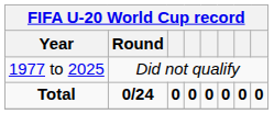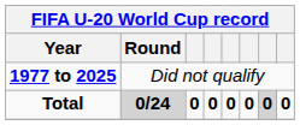 <table class="wikitable" style="text-align: center;">
 <tr>
 <th colspan=8><a href='#'>FIFA U-20 World Cup record</a></th>
 </tr>
 <tr>
 <th width=>Year</th>
 <th width=>Round</th>
 <th width=></th>
 <th width=></th>
 <th width=></th>
 <th width=></th>
 <th width=></th>
 <th width=></th>
 </tr>
 <tr>
-<td> <a href='#'>1977</a> to  <a href='#'>2025</a></td>
+<td><strong> <a href='#'>1977</a> to  <a href='#'>2025</a></strong></td>
 <td colspan=8><em>Did not qualify</em></td>
 </tr>
 <tr>
 <td><strong>Total</strong></td>
-<td><strong>0/24</strong></td>
+<td style="background: lightgrey;"><strong>0/24</strong></td>
 <td><strong>0</strong></td>
 <td><strong>0</strong></td>
 <td><strong>0</strong></td>
 <td><strong>0</strong></td>
-<td><strong>0</strong></td>
+<td style="background: lightgrey;"><strong>0</strong></td>
 <td><strong>0</strong></td>
 </tr>
 <tr>
 </tr>
 </table>
